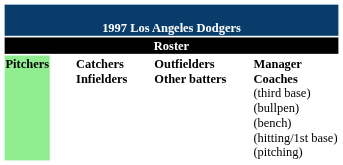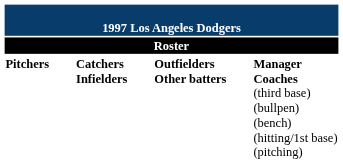 <table class="toccolours" style="font-size: 95%;">
 <tr>
 <th colspan="10" style="background-color: #083c6b; color: #FFFFFF; text-align: center;"><br>1997 Los Angeles Dodgers</th>
 </tr>
 <tr>
 <td colspan="10" style="background-color: black; color: #FFFFFF; text-align: center;"><strong>Roster</strong></td>
 </tr>
 <tr>
-<td valign="top" style="background: lightgreen;"><strong>Pitchers</strong><br>                         </td>
+<td valign="top"><strong>Pitchers</strong><br>                         </td>
 <td width="25px"></td>
 <td valign="top"><strong>Catchers</strong><br>  <strong>Infielders</strong>             </td>
 <td width="25px"></td>
 <td valign="top"><strong>Outfielders</strong><br>           <strong>Other batters</strong>  </td>
 <td width="25px"></td>
 <td valign="top"><strong>Manager</strong><br>  <strong>Coaches</strong> <br> (third base)  <br>(bullpen)    <br>(bench)  <br>(hitting/1st base) <br> (pitching)</td>
 </tr>
 </table>
